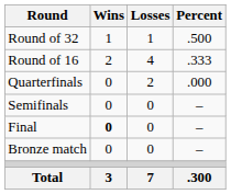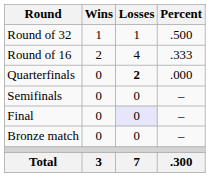 <table class=wikitable>
 <tr>
 <th>Round</th>
 <th>Wins</th>
 <th>Losses</th>
 <th>Percent</th>
 </tr>
 <tr align=center>
 <td align=left>Round of 32</td>
 <td>1</td>
 <td>1</td>
 <td>.500</td>
 </tr>
 <tr align=center>
 <td align=left>Round of 16</td>
 <td>2</td>
 <td>4</td>
 <td>.333</td>
 </tr>
 <tr align=center>
 <td align=left>Quarterfinals</td>
 <td>0</td>
-<td>2</td>
+<td><strong>2</strong></td>
 <td>.000</td>
 </tr>
 <tr align=center>
 <td align=left>Semifinals</td>
 <td>0</td>
 <td>0</td>
 <td>–</td>
 </tr>
 <tr align=center>
 <td align=left>Final</td>
-<td><strong>0</strong></td>
 <td>0</td>
+<td style="background: lavender;">0</td>
 <td>–</td>
 </tr>
 <tr align=center>
 <td align=left>Bronze match</td>
 <td>0</td>
 <td>0</td>
 <td>–</td>
 </tr>
 <tr>
 <td colspan=4 bgcolor=lightgray></td>
 </tr>
 <tr>
 <th>Total</th>
 <th>3</th>
 <th>7</th>
 <th>.300</th>
 </tr>
 </table>
